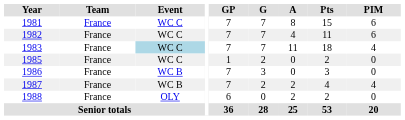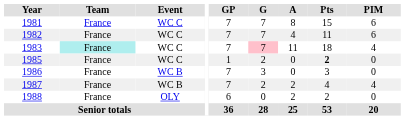 <table border="0" cellpadding="1" cellspacing="0" ID="Table3" style="text-align:center; width:40em">
 <tr bgcolor="#e0e0e0">
 <th>Year</th>
 <th>Team</th>
 <th>Event</th>
 <th rowspan="102" bgcolor="#ffffff"></th>
 <th>GP</th>
 <th>G</th>
 <th>A</th>
 <th>Pts</th>
 <th>PIM</th>
 </tr>
 <tr>
 <td><a href='#'>1981</a></td>
 <td><a href='#'>France</a></td>
 <td><a href='#'>WC C</a></td>
 <td>7</td>
 <td>7</td>
 <td>8</td>
 <td>15</td>
 <td>6</td>
 </tr>
 <tr bgcolor="#f0f0f0">
 <td><a href='#'>1982</a></td>
 <td>France</td>
 <td>WC C</td>
 <td>7</td>
 <td>7</td>
 <td>4</td>
 <td>11</td>
 <td>6</td>
 </tr>
 <tr>
 <td><a href='#'>1983</a></td>
-<td>France</td>
-<td style="background: lightblue;">WC C</td>
+<td style="background: paleturquoise;">France</td>
+<td>WC C</td>
 <td>7</td>
-<td>7</td>
+<td style="background: pink;">7</td>
 <td>11</td>
 <td>18</td>
 <td>4</td>
 </tr>
 <tr bgcolor="#f0f0f0">
 <td><a href='#'>1985</a></td>
 <td>France</td>
 <td>WC C</td>
 <td>1</td>
 <td>2</td>
 <td>0</td>
-<td>2</td>
+<td><strong>2</strong></td>
 <td>0</td>
 </tr>
 <tr>
 <td><a href='#'>1986</a></td>
 <td>France</td>
 <td><a href='#'>WC B</a></td>
 <td>7</td>
 <td>3</td>
 <td>0</td>
 <td>3</td>
 <td>0</td>
 </tr>
 <tr bgcolor="#f0f0f0">
 <td><a href='#'>1987</a></td>
 <td>France</td>
 <td>WC B</td>
 <td>7</td>
 <td>2</td>
 <td>2</td>
 <td>4</td>
 <td>4</td>
 </tr>
 <tr>
 <td><a href='#'>1988</a></td>
 <td>France</td>
 <td><a href='#'>OLY</a></td>
 <td>6</td>
 <td>0</td>
 <td>2</td>
 <td>2</td>
 <td>0</td>
 </tr>
 <tr bgcolor="#e0e0e0">
 <th colspan=3>Senior totals</th>
 <th>36</th>
 <th>28</th>
 <th>25</th>
 <th>53</th>
 <th>20</th>
 </tr>
 </table>
